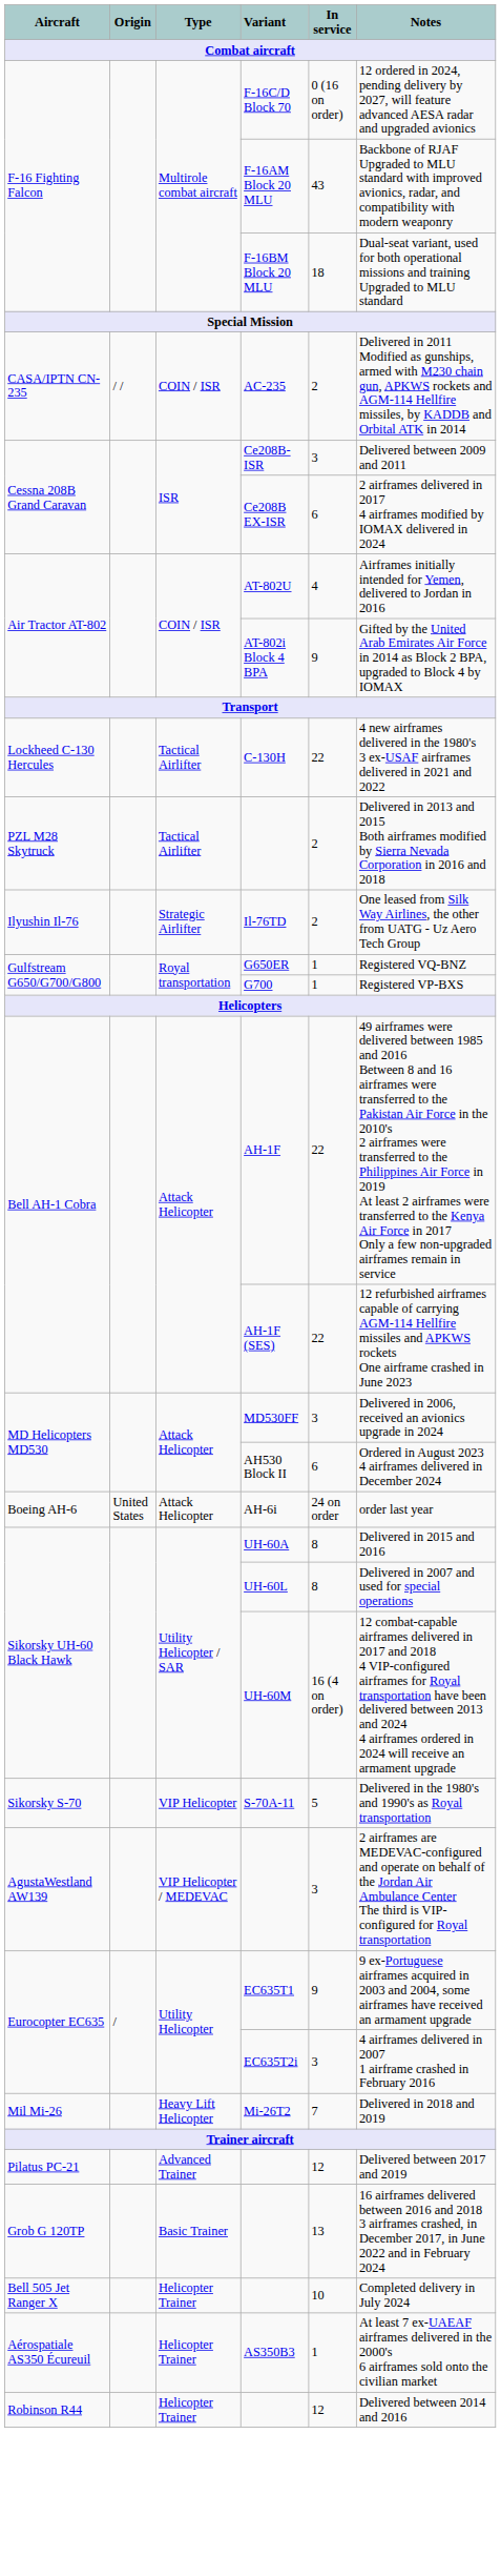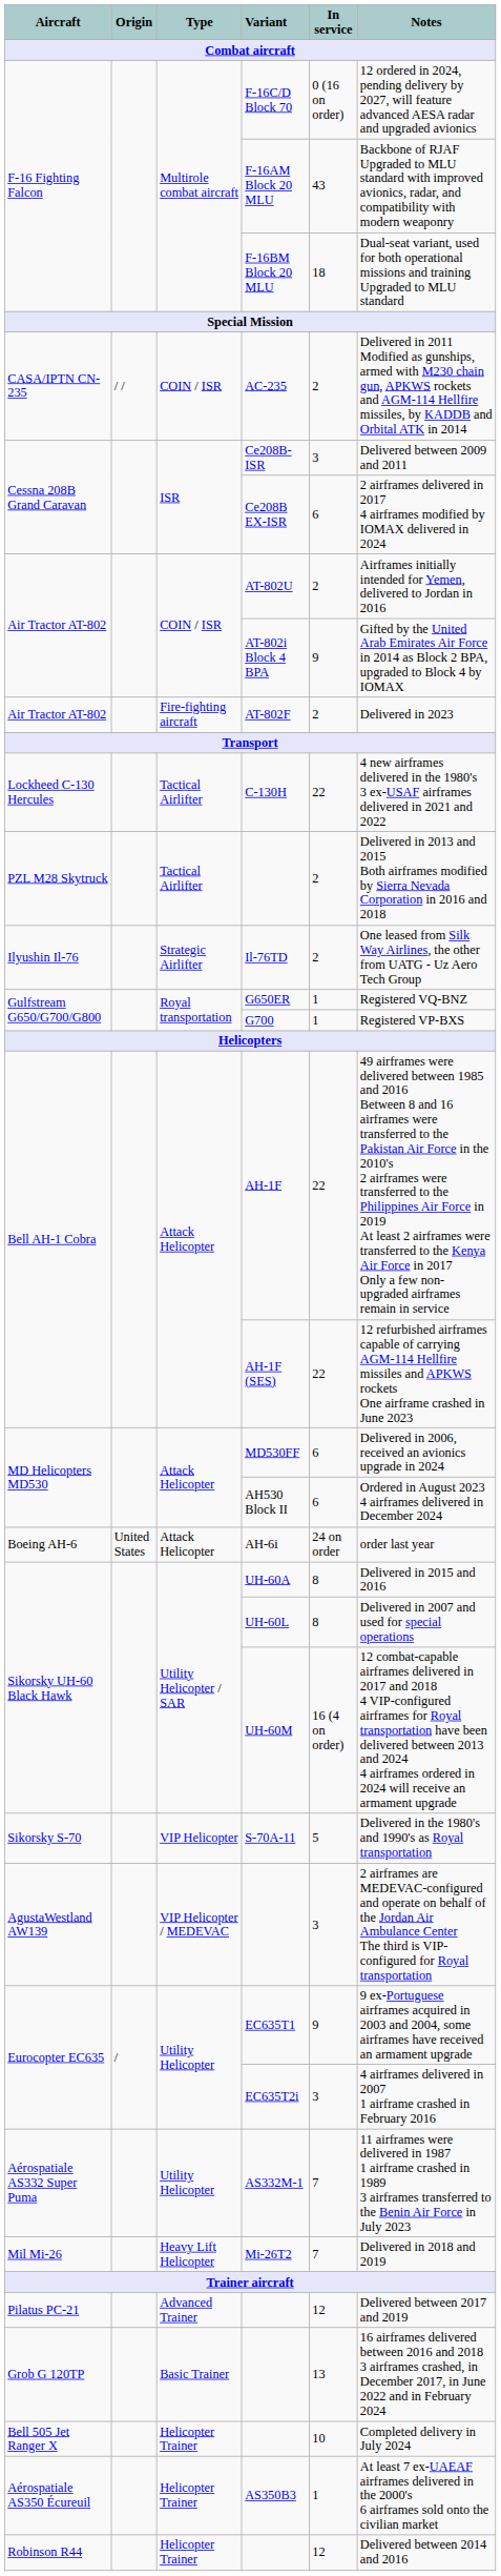 <table class="wikitable">
 <tr>
 <th style="text-align:center; background:#acc;">Aircraft</th>
 <th style="text-align: center; background:#acc;">Origin</th>
 <th style="text-align:center; background:#acc;">Type</th>
 <th style="text-align:left; background:#acc;">Variant</th>
 <th style="text-align:center; background:#acc;">In service</th>
 <th style="text-align: center; background:#acc;">Notes</th>
 </tr>
 <tr>
 <th colspan="6" style="align: center; background: lavender;"><a href='#'>Combat aircraft</a></th>
 </tr>
 <tr>
 <td rowspan="3"><a href='#'>F-16 Fighting Falcon</a></td>
 <td rowspan="3"></td>
 <td rowspan="3"><a href='#'>Multirole combat aircraft</a></td>
 <td><a href='#'>F-16C/D Block 70</a></td>
 <td>0 (16 on order)</td>
 <td>12 ordered in 2024, pending delivery by 2027, will feature advanced AESA radar and upgraded avionics</td>
 </tr>
 <tr>
 <td><a href='#'>F-16AM Block 20 MLU</a></td>
 <td>43</td>
 <td>Backbone of RJAF<br>Upgraded to MLU standard with improved avionics, radar, and compatibility with modern weaponry</td>
 </tr>
 <tr>
 <td><a href='#'>F-16BM Block 20 MLU</a></td>
 <td>18</td>
 <td>Dual-seat variant, used for both operational missions and training<br>Upgraded to MLU standard</td>
 </tr>
 <tr>
 <th colspan="6" style="align: center; background: lavender;">Special Mission</th>
 </tr>
 <tr>
 <td><a href='#'>CASA/IPTN CN-235</a></td>
 <td> /  / </td>
 <td><a href='#'>COIN</a> / <a href='#'>ISR</a></td>
 <td><a href='#'>AC-235</a></td>
 <td>2</td>
 <td>Delivered in 2011<br>Modified as gunships, armed with <a href='#'>M230 chain gun</a>, <a href='#'>APKWS</a> rockets and <a href='#'>AGM-114 Hellfire</a> missiles, by <a href='#'>KADDB</a> and <a href='#'>Orbital ATK</a> in 2014</td>
 </tr>
 <tr>
 <td rowspan="2"><a href='#'>Cessna 208B Grand Caravan</a></td>
 <td rowspan="2"></td>
 <td rowspan="2"><a href='#'>ISR</a></td>
 <td><a href='#'>Ce208B-ISR</a></td>
 <td>3</td>
 <td>Delivered between 2009 and 2011</td>
 </tr>
 <tr>
 <td><a href='#'>Ce208B EX-ISR</a></td>
 <td>6</td>
 <td>2 airframes delivered in 2017<br>4 airframes modified by IOMAX delivered in 2024</td>
 </tr>
 <tr>
 <td rowspan="2"><a href='#'>Air Tractor AT-802</a></td>
 <td rowspan="2"></td>
 <td rowspan="2"><a href='#'>COIN</a> / <a href='#'>ISR</a></td>
 <td><a href='#'>AT-802U</a></td>
-<td>4</td>
+<td>2</td>
 <td>Airframes initially intended for <a href='#'>Yemen</a>, delivered to Jordan in 2016</td>
 </tr>
 <tr>
 <td><a href='#'>AT-802i Block 4 BPA</a></td>
 <td>9</td>
 <td>Gifted by the <a href='#'>United Arab Emirates Air Force</a> in 2014 as Block 2 BPA, upgraded to Block 4 by IOMAX</td>
+</tr>
+<tr>
+<td><a href='#'>Air Tractor AT-802</a></td>
+<td></td>
+<td><a href='#'>Fire-fighting aircraft</a></td>
+<td><a href='#'>AT-802F</a></td>
+<td>2</td>
+<td>Delivered in 2023</td>
 </tr>
 <tr>
 <th colspan="6" style="align: center; background: lavender;"><a href='#'>Transport</a></th>
 </tr>
 <tr>
 <td><a href='#'>Lockheed C-130 Hercules</a></td>
 <td></td>
 <td><a href='#'>Tactical Airlifter</a></td>
 <td><a href='#'>C-130H</a></td>
 <td>22</td>
 <td>4 new airframes delivered in the 1980's<br>3 ex-<a href='#'>USAF</a> airframes delivered in 2021 and 2022</td>
 </tr>
 <tr>
 <td><a href='#'>PZL M28 Skytruck</a></td>
 <td></td>
 <td><a href='#'>Tactical Airlifter</a></td>
 <td></td>
 <td>2</td>
 <td>Delivered in 2013 and 2015<br>Both airframes modified by <a href='#'>Sierra Nevada Corporation</a> in 2016 and 2018</td>
 </tr>
 <tr>
 <td><a href='#'>Ilyushin Il-76</a></td>
 <td></td>
 <td><a href='#'>Strategic Airlifter</a></td>
 <td><a href='#'>Il-76TD</a></td>
 <td>2</td>
 <td>One leased from <a href='#'>Silk Way Airlines</a>, the other from UATG - Uz Aero Tech Group</td>
 </tr>
 <tr>
 <td rowspan="2"><a href='#'>Gulfstream G650/G700/G800</a></td>
 <td rowspan="2"></td>
 <td rowspan="2"><a href='#'>Royal transportation</a></td>
 <td><a href='#'>G650ER</a></td>
 <td>1</td>
 <td>Registered VQ-BNZ</td>
 </tr>
 <tr>
 <td><a href='#'>G700</a></td>
 <td>1</td>
 <td>Registered VP-BXS</td>
 </tr>
 <tr>
 <th colspan="6" style="align: center; background: lavender;"><a href='#'>Helicopters</a></th>
 </tr>
 <tr>
 <td rowspan="2"><a href='#'>Bell AH-1 Cobra</a></td>
 <td rowspan="2"></td>
 <td rowspan="2"><a href='#'>Attack Helicopter</a></td>
 <td><a href='#'>AH-1F</a></td>
 <td>22</td>
 <td>49 airframes were delivered between 1985 and 2016<br>Between 8 and 16 airframes were transferred to the <a href='#'>Pakistan Air Force</a> in the 2010's<br>2 airframes were transferred to the <a href='#'>Philippines Air Force</a> in 2019<br>At least 2 airframes were transferred to the <a href='#'>Kenya Air Force</a> in 2017<br>Only a few non-upgraded airframes remain in service</td>
 </tr>
 <tr>
 <td><a href='#'>AH-1F (SES)</a></td>
 <td>22</td>
 <td>12 refurbished airframes capable of carrying <a href='#'>AGM-114 Hellfire</a> missiles and <a href='#'>APKWS</a> rockets<br>One airframe crashed in June 2023</td>
 </tr>
 <tr>
 <td rowspan="2"><a href='#'>MD Helicopters MD530</a></td>
 <td rowspan="2"></td>
 <td rowspan="2"><a href='#'>Attack Helicopter</a></td>
 <td><a href='#'>MD530FF</a></td>
-<td>3</td>
+<td>6</td>
 <td>Delivered in 2006, received an avionics upgrade in 2024</td>
 </tr>
 <tr>
 <td>AH530 Block II</td>
 <td>6</td>
 <td>Ordered in August 2023<br>4 airframes delivered in December 2024</td>
 </tr>
 <tr>
 <td>Boeing AH-6</td>
 <td>United States</td>
 <td>Attack Helicopter</td>
 <td>AH-6i</td>
 <td>24 on order</td>
 <td>order last year</td>
 </tr>
 <tr>
 <td rowspan="3"><a href='#'>Sikorsky UH-60 Black Hawk</a></td>
 <td rowspan="3"></td>
 <td rowspan="3"><a href='#'>Utility Helicopter</a> / <a href='#'>SAR</a></td>
 <td><a href='#'>UH-60A</a></td>
 <td>8</td>
 <td>Delivered in 2015 and 2016</td>
 </tr>
 <tr>
 <td><a href='#'>UH-60L</a></td>
 <td>8</td>
 <td>Delivered in 2007 and used for <a href='#'>special operations</a></td>
 </tr>
 <tr>
 <td><a href='#'>UH-60M</a></td>
 <td>16 (4 on order)</td>
 <td>12 combat-capable airframes delivered in 2017 and 2018<br>4 VIP-configured airframes for <a href='#'>Royal transportation</a> have been delivered between 2013 and 2024<br>4 airframes ordered in 2024 will receive an armament upgrade</td>
 </tr>
 <tr>
 <td><a href='#'>Sikorsky S-70</a></td>
 <td></td>
 <td><a href='#'>VIP Helicopter</a></td>
 <td><a href='#'>S-70A-11</a></td>
 <td>5</td>
 <td>Delivered in the 1980's and 1990's as <a href='#'>Royal transportation</a></td>
 </tr>
 <tr>
 <td><a href='#'>AgustaWestland AW139</a></td>
 <td></td>
 <td><a href='#'>VIP Helicopter</a> / <a href='#'>MEDEVAC</a></td>
 <td></td>
 <td>3</td>
 <td>2 airframes are MEDEVAC-configured and operate on behalf of the <a href='#'>Jordan Air Ambulance Center</a><br>The third is VIP-configured for <a href='#'>Royal transportation</a></td>
 </tr>
 <tr>
 <td rowspan="2"><a href='#'>Eurocopter EC635</a></td>
 <td rowspan="2"> / </td>
 <td rowspan="2"><a href='#'>Utility Helicopter</a></td>
 <td><a href='#'>EC635T1</a></td>
 <td>9</td>
 <td>9 ex-<a href='#'>Portuguese</a> airframes acquired in 2003 and 2004, some airframes have received an armament upgrade</td>
 </tr>
 <tr>
 <td><a href='#'>EC635T2i</a></td>
 <td>3</td>
 <td>4 airframes delivered in 2007<br>1 airframe crashed in February 2016</td>
 </tr>
 <tr>
+<td><a href='#'>Aérospatiale AS332 Super Puma</a></td>
+<td></td>
+<td><a href='#'>Utility Helicopter</a></td>
+<td><a href='#'>AS332M-1</a></td>
+<td>7</td>
+<td>11 airframes were delivered in 1987<br>1 airframe crashed in 1989<br>3 airframes transferred to the <a href='#'>Benin Air Force</a> in July 2023</td>
+</tr>
+<tr>
 <td><a href='#'>Mil Mi-26</a></td>
 <td></td>
 <td><a href='#'>Heavy Lift Helicopter</a></td>
 <td><a href='#'>Mi-26T2</a></td>
 <td>7</td>
 <td>Delivered in 2018 and 2019</td>
 </tr>
 <tr>
 <th colspan="6" style="align: center; background: lavender;"><a href='#'>Trainer aircraft</a></th>
 </tr>
 <tr>
 <td><a href='#'>Pilatus PC-21</a></td>
 <td></td>
 <td><a href='#'>Advanced Trainer</a></td>
 <td></td>
 <td>12</td>
 <td>Delivered between 2017 and 2019</td>
 </tr>
 <tr>
 <td><a href='#'>Grob G 120TP</a></td>
 <td></td>
 <td><a href='#'>Basic Trainer</a></td>
 <td></td>
 <td>13</td>
 <td>16 airframes delivered between 2016 and 2018<br>3 airframes crashed, in December 2017, in June 2022 and in February 2024</td>
 </tr>
 <tr>
 <td><a href='#'>Bell 505 Jet Ranger X</a></td>
 <td></td>
 <td><a href='#'>Helicopter Trainer</a></td>
 <td></td>
 <td>10</td>
 <td>Completed delivery in July 2024</td>
 </tr>
 <tr>
 <td><a href='#'>Aérospatiale AS350 Écureuil</a></td>
 <td></td>
 <td><a href='#'>Helicopter Trainer</a></td>
 <td><a href='#'>AS350B3</a></td>
 <td>1</td>
 <td>At least 7 ex-<a href='#'>UAEAF</a> airframes delivered in the 2000's<br>6 airframes sold onto the civilian market</td>
 </tr>
 <tr>
 <td><a href='#'>Robinson R44</a></td>
 <td></td>
 <td><a href='#'>Helicopter Trainer</a></td>
 <td></td>
 <td>12</td>
 <td>Delivered between 2014 and 2016</td>
 </tr>
 </table>
